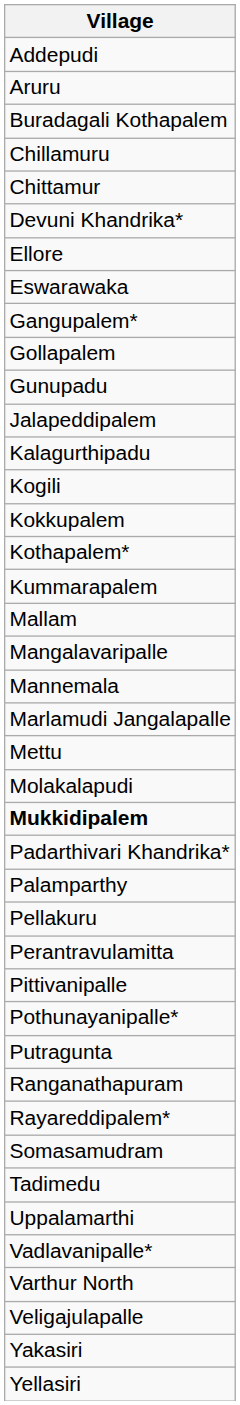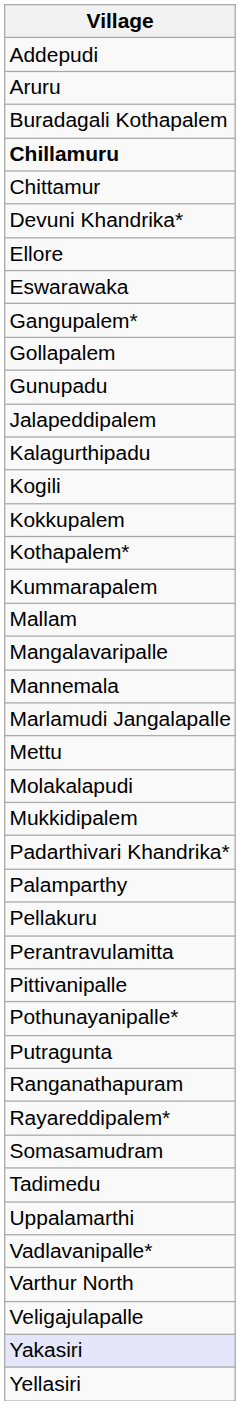 <table class="wikitable sortable static-row-numbers static-row-header-hash">
 <tr>
 <th>Village</th>
 </tr>
 <tr>
 <td>Addepudi</td>
 </tr>
 <tr>
 <td>Aruru</td>
 </tr>
 <tr>
 <td>Buradagali Kothapalem</td>
 </tr>
 <tr>
-<td>Chillamuru</td>
+<td><strong>Chillamuru</strong></td>
 </tr>
 <tr>
 <td>Chittamur</td>
 </tr>
 <tr>
 <td>Devuni Khandrika*</td>
 </tr>
 <tr>
 <td>Ellore</td>
 </tr>
 <tr>
 <td>Eswarawaka</td>
 </tr>
 <tr>
 <td>Gangupalem*</td>
 </tr>
 <tr>
 <td>Gollapalem</td>
 </tr>
 <tr>
 <td>Gunupadu</td>
 </tr>
 <tr>
 <td>Jalapeddipalem</td>
 </tr>
 <tr>
 <td>Kalagurthipadu</td>
 </tr>
 <tr>
 <td>Kogili</td>
 </tr>
 <tr>
 <td>Kokkupalem</td>
 </tr>
 <tr>
 <td>Kothapalem*</td>
 </tr>
 <tr>
 <td>Kummarapalem</td>
 </tr>
 <tr>
 <td>Mallam</td>
 </tr>
 <tr>
 <td>Mangalavaripalle</td>
 </tr>
 <tr>
 <td>Mannemala</td>
 </tr>
 <tr>
 <td>Marlamudi Jangalapalle</td>
 </tr>
 <tr>
 <td>Mettu</td>
 </tr>
 <tr>
 <td>Molakalapudi</td>
 </tr>
 <tr>
-<td><strong>Mukkidipalem</strong></td>
+<td>Mukkidipalem</td>
 </tr>
 <tr>
 <td>Padarthivari Khandrika*</td>
 </tr>
 <tr>
 <td>Palamparthy</td>
 </tr>
 <tr>
 <td>Pellakuru</td>
 </tr>
 <tr>
 <td>Perantravulamitta</td>
 </tr>
 <tr>
 <td>Pittivanipalle</td>
 </tr>
 <tr>
 <td>Pothunayanipalle*</td>
 </tr>
 <tr>
 <td>Putragunta</td>
 </tr>
 <tr>
 <td>Ranganathapuram</td>
 </tr>
 <tr>
 <td>Rayareddipalem*</td>
 </tr>
 <tr>
 <td>Somasamudram</td>
 </tr>
 <tr>
 <td>Tadimedu</td>
 </tr>
 <tr>
 <td>Uppalamarthi</td>
 </tr>
 <tr>
 <td>Vadlavanipalle*</td>
 </tr>
 <tr>
 <td>Varthur North</td>
 </tr>
 <tr>
 <td>Veligajulapalle</td>
 </tr>
 <tr>
-<td>Yakasiri</td>
+<td style="background: lavender;">Yakasiri</td>
 </tr>
 <tr>
 <td>Yellasiri</td>
 </tr>
 </table>
